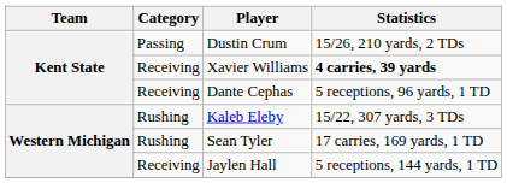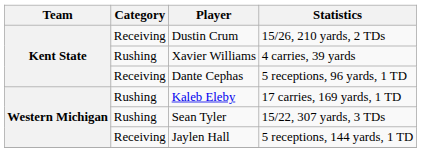 <table class="wikitable" style="float: left;">
 <tr>
 <th>Team</th>
 <th>Category</th>
 <th>Player</th>
 <th>Statistics</th>
 </tr>
 <tr>
 <th rowspan=3>Kent State</th>
-<td>Passing</td>
+<td>Receiving</td>
 <td>Dustin Crum</td>
 <td>15/26, 210 yards, 2 TDs</td>
 </tr>
 <tr>
-<td>Receiving</td>
+<td>Rushing</td>
 <td>Xavier Williams</td>
-<td><strong>4 carries, 39 yards</strong></td>
+<td>4 carries, 39 yards</td>
 </tr>
 <tr>
 <td>Receiving</td>
 <td>Dante Cephas</td>
 <td>5 receptions, 96 yards, 1 TD</td>
 </tr>
 <tr>
 <th rowspan=3 style=>Western Michigan</th>
 <td>Rushing</td>
 <td><a href='#'>Kaleb Eleby</a></td>
-<td>15/22, 307 yards, 3 TDs</td>
+<td>17 carries, 169 yards, 1 TD</td>
 </tr>
 <tr>
 <td>Rushing</td>
 <td>Sean Tyler</td>
-<td>17 carries, 169 yards, 1 TD</td>
+<td>15/22, 307 yards, 3 TDs</td>
 </tr>
 <tr>
 <td>Receiving</td>
 <td>Jaylen Hall</td>
 <td>5 receptions, 144 yards, 1 TD</td>
 </tr>
 <tr>
 </tr>
 </table>
